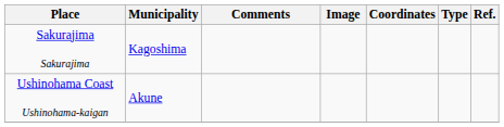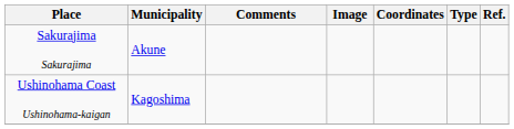 <table class="wikitable sortable"  style="width:100%;">
 <tr>
 <th width="30%" align="left">Place</th>
 <th width="10%" align="left">Municipality</th>
 <th width="30%" align="left" class="unsortable">Comments</th>
 <th width="10%" align="left"  class="unsortable">Image</th>
 <th width="10%" align="left" class="unsortable">Coordinates</th>
 <th width="5%" align="left">Type</th>
 <th width="5%" align="left"  class="unsortable">Ref.</th>
 </tr>
 <tr>
 <td align="center"><a href='#'>Sakurajima</a><br><br><small><em>Sakurajima</em></small></td>
-<td><a href='#'>Kagoshima</a></td>
+<td><a href='#'>Akune</a></td>
 <td></td>
 <td></td>
 <td></td>
 <td></td>
 <td></td>
 </tr>
 <tr>
 <td align="center"><a href='#'>Ushinohama Coast</a><br><br><small><em>Ushinohama-kaigan</em></small></td>
-<td><a href='#'>Akune</a></td>
+<td><a href='#'>Kagoshima</a></td>
 <td></td>
 <td></td>
 <td></td>
 <td></td>
 <td></td>
 </tr>
 <tr>
 </tr>
 </table>
